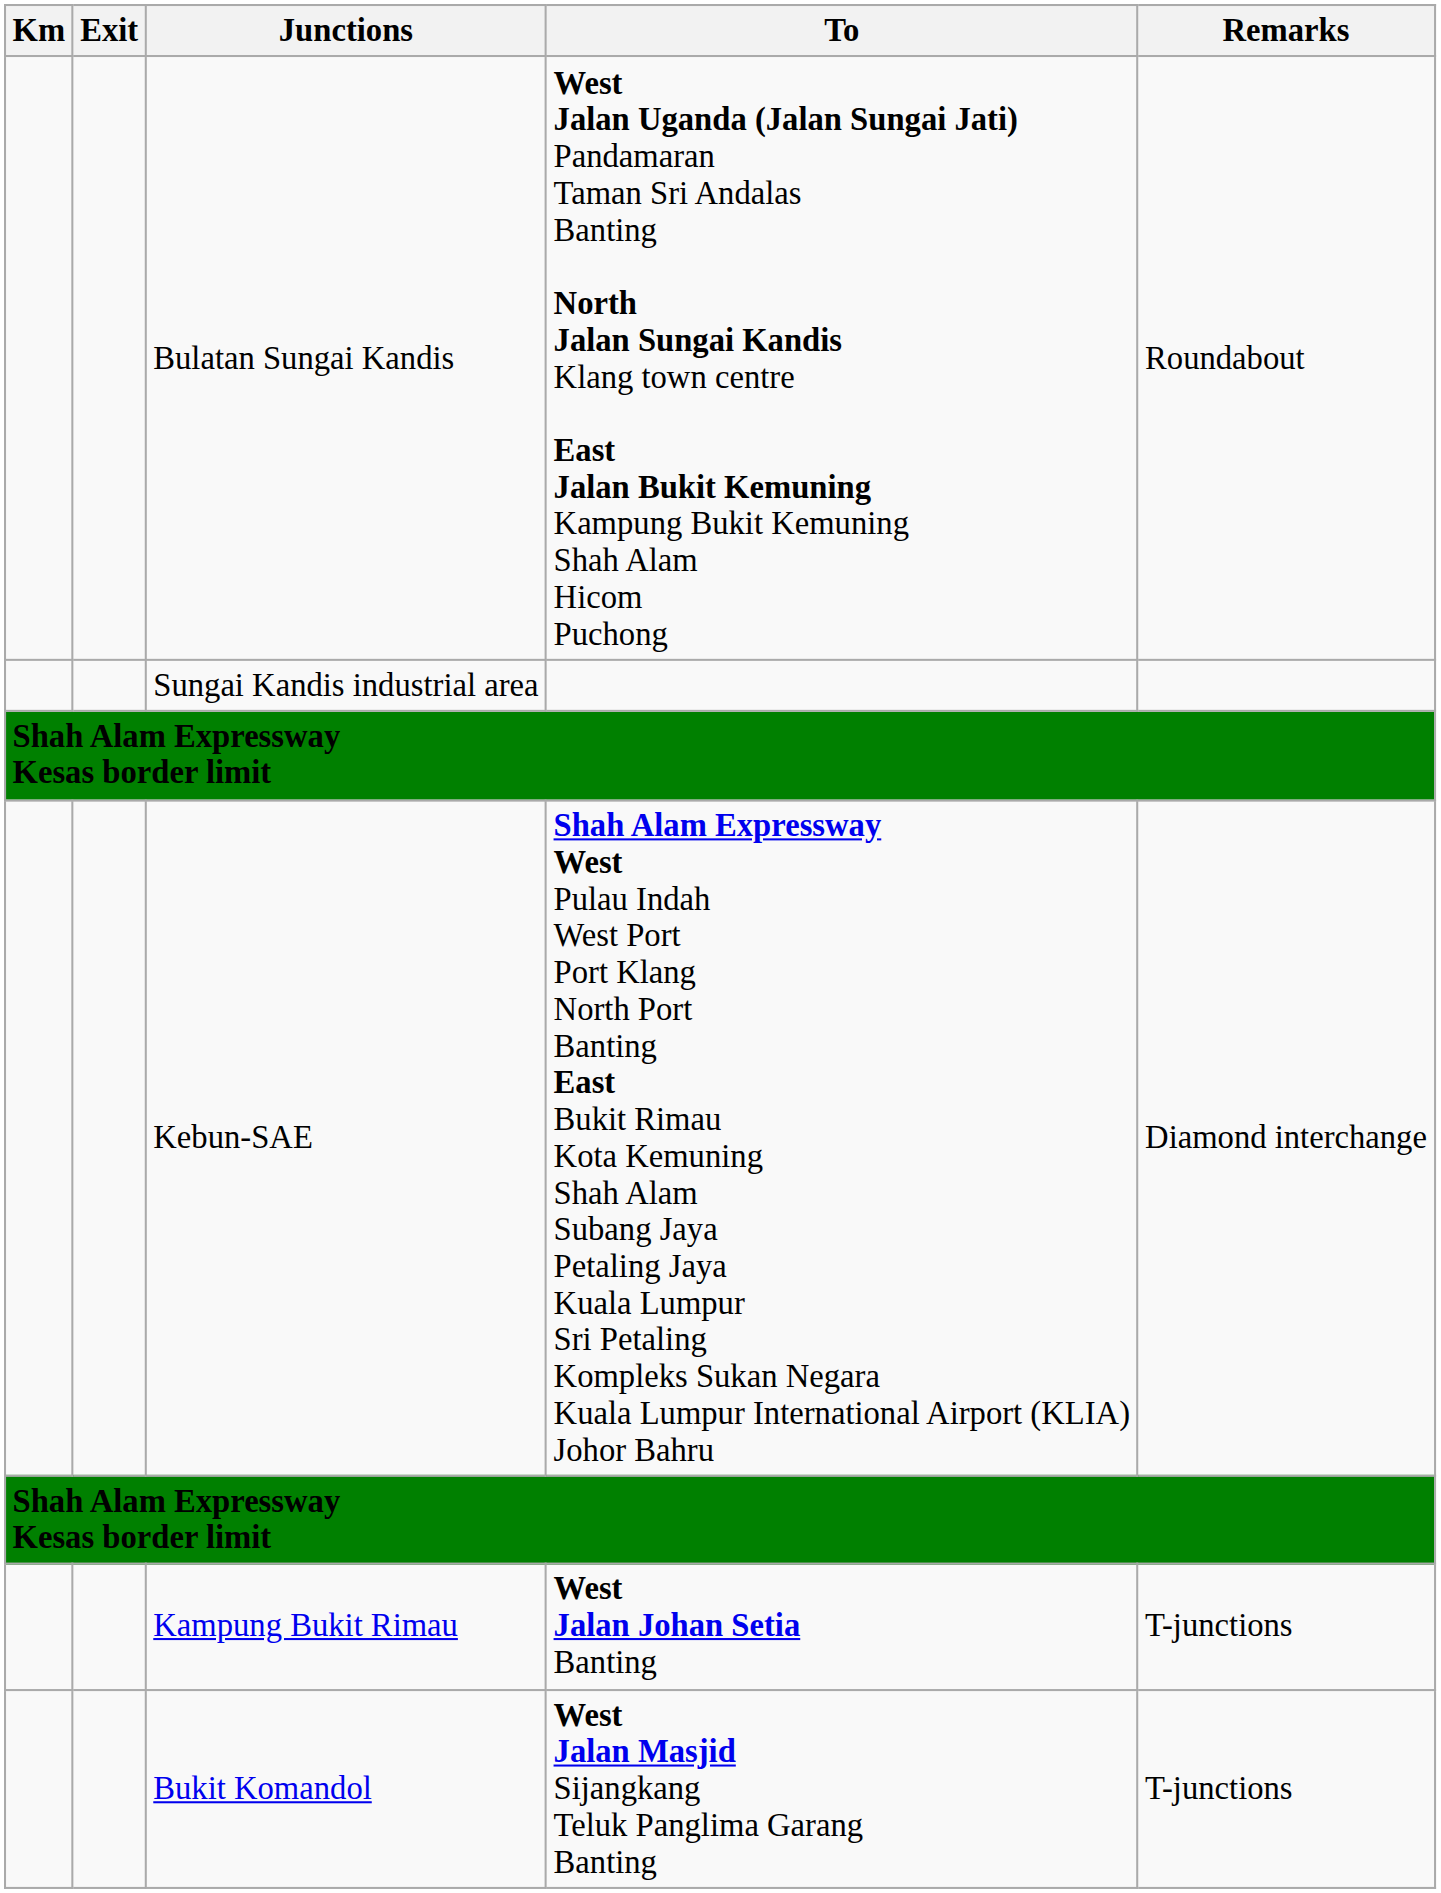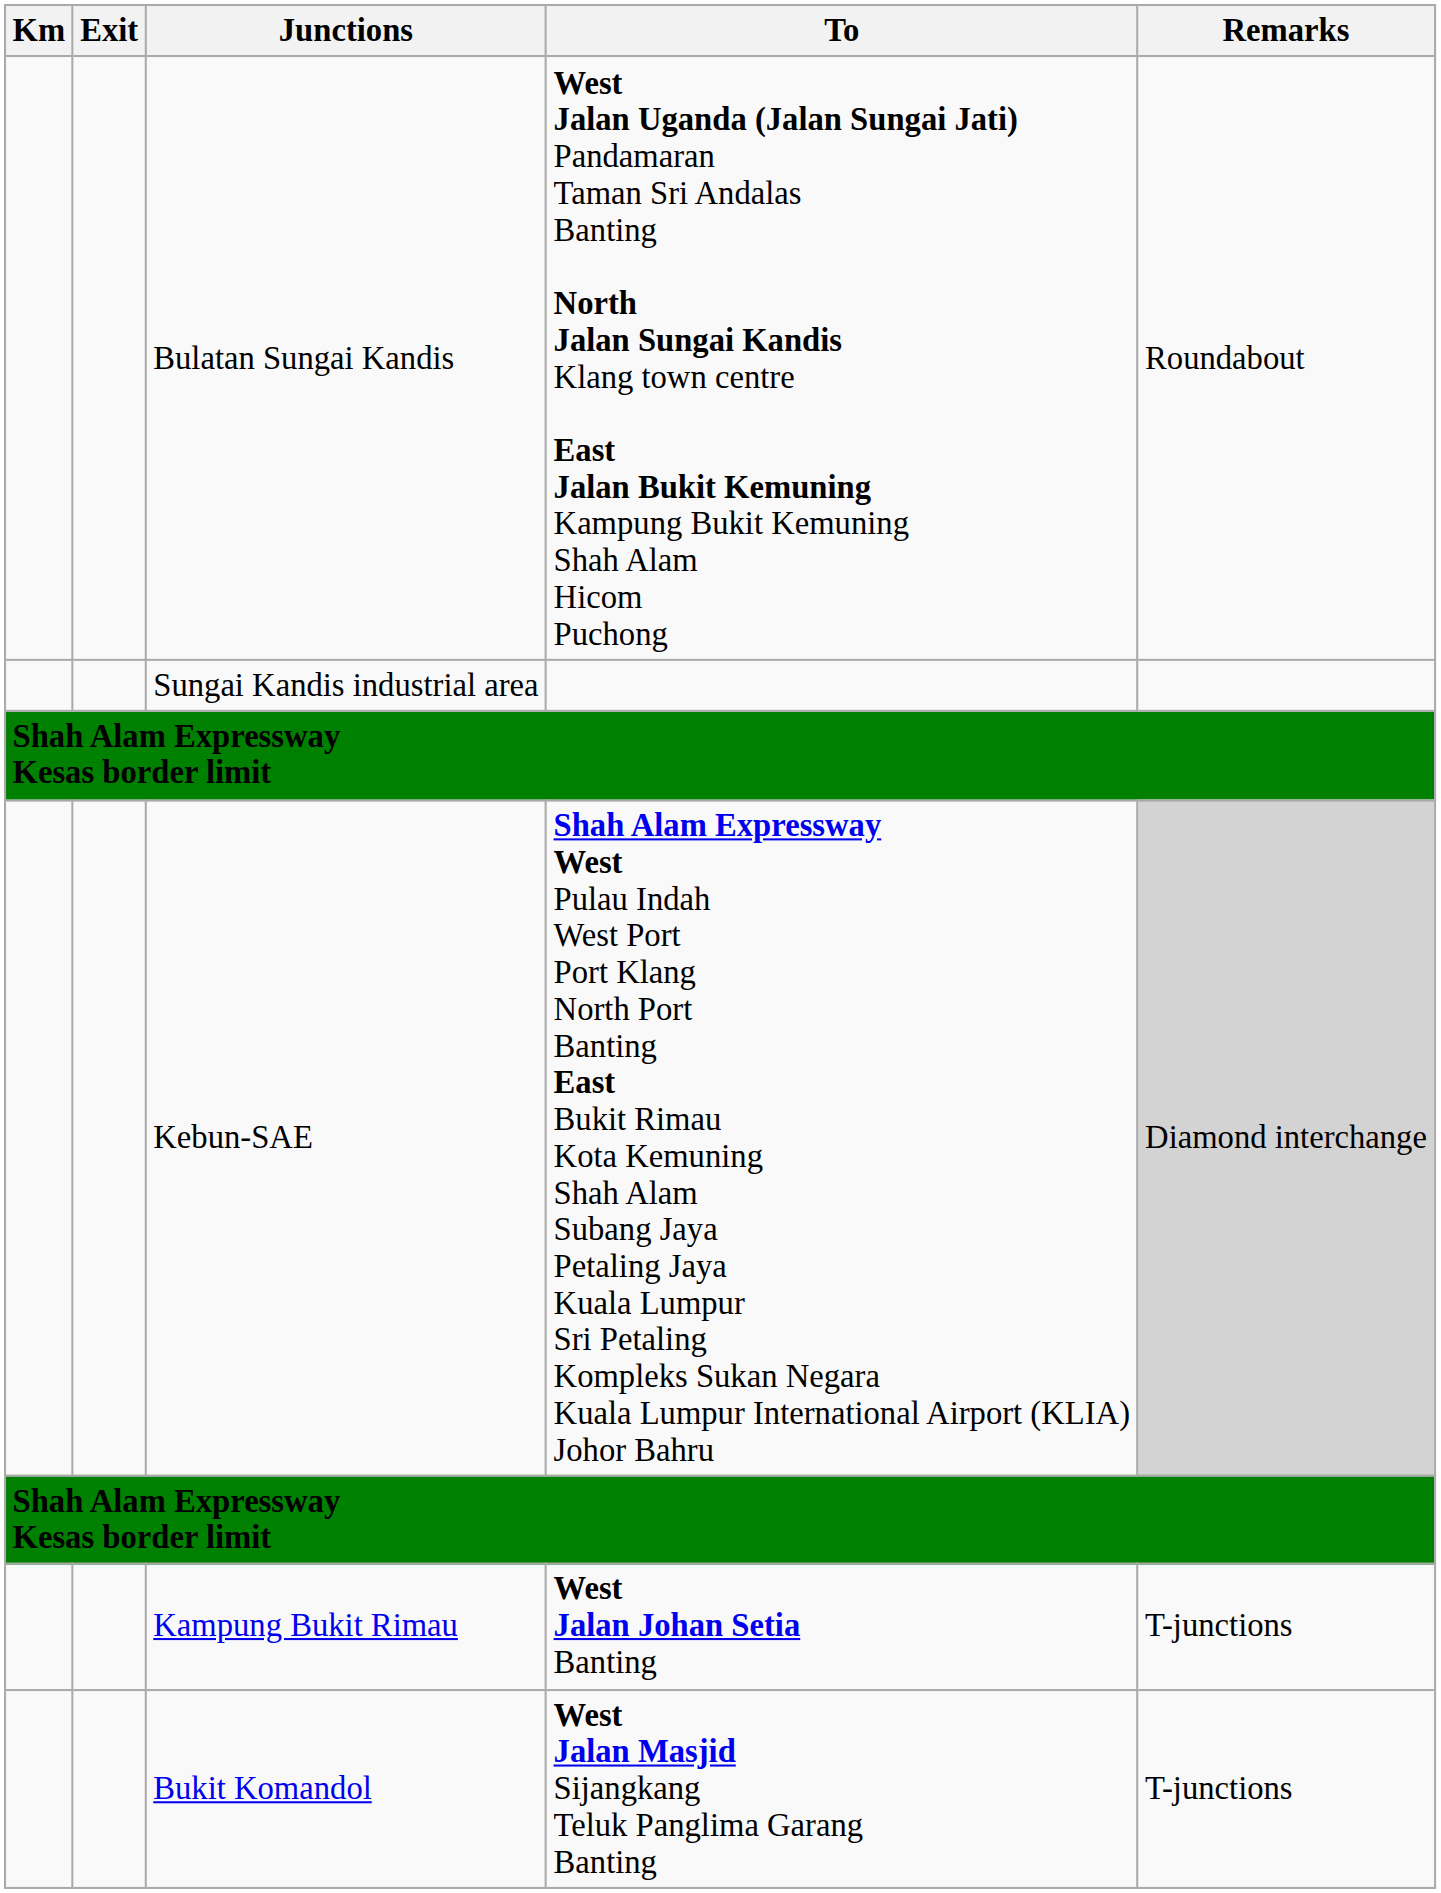 <table class="wikitable">
 <tr>
 <th>Km</th>
 <th>Exit</th>
 <th>Junctions</th>
 <th>To</th>
 <th>Remarks</th>
 </tr>
 <tr>
 <td></td>
 <td></td>
 <td>Bulatan Sungai Kandis</td>
 <td><strong>West</strong><br><strong>Jalan Uganda (Jalan Sungai Jati)</strong><br>Pandamaran<br>Taman Sri Andalas<br> Banting<br><br><strong>North</strong><br> <strong>Jalan Sungai Kandis</strong><br>Klang town centre<br><br><strong>East</strong><br> <strong>Jalan Bukit Kemuning</strong><br>Kampung Bukit Kemuning<br>Shah Alam<br>Hicom<br>Puchong</td>
 <td>Roundabout</td>
 </tr>
 <tr>
 <td></td>
 <td></td>
 <td>Sungai Kandis industrial area</td>
 <td></td>
 <td></td>
 </tr>
 <tr>
 <td style="width:600px" colspan="6" style="text-align:center" bgcolor="green"><strong><span> Shah Alam Expressway<br>Kesas border limit</span></strong></td>
 </tr>
 <tr>
 <td></td>
 <td></td>
 <td>Kebun-SAE</td>
 <td> <strong><a href='#'>Shah Alam Expressway</a></strong><br><strong>West</strong><br>Pulau Indah<br>West Port<br>Port Klang<br>North Port<br>Banting<br><strong>East</strong><br>Bukit Rimau<br>Kota Kemuning<br>Shah Alam<br>Subang Jaya<br>Petaling Jaya<br>Kuala Lumpur<br>Sri Petaling<br>Kompleks Sukan Negara<br>Kuala Lumpur International Airport (KLIA)<br>Johor Bahru</td>
-<td>Diamond interchange</td>
+<td style="background: lightgrey;">Diamond interchange</td>
 </tr>
 <tr>
 <td style="width:600px" colspan="6" style="text-align:center" bgcolor="green"><strong><span> Shah Alam Expressway<br>Kesas border limit</span></strong></td>
 </tr>
 <tr>
 <td></td>
 <td></td>
 <td><a href='#'>Kampung Bukit Rimau</a></td>
 <td><strong>West</strong><br> <strong><a href='#'>Jalan Johan Setia</a></strong><br> Banting</td>
 <td>T-junctions</td>
 </tr>
 <tr>
 <td></td>
 <td></td>
 <td><a href='#'>Bukit Komandol</a></td>
 <td><strong>West</strong><br> <strong><a href='#'>Jalan Masjid</a></strong><br>Sijangkang<br>Teluk Panglima Garang<br>Banting</td>
 <td>T-junctions</td>
 </tr>
 </table>
